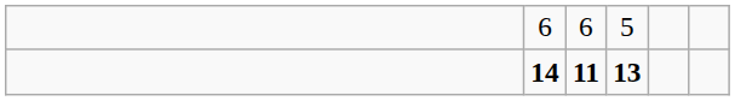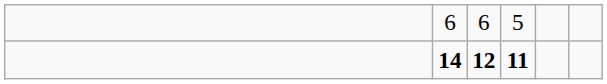 <table class="wikitable">
 <tr>
 <td style="width:18em"></td>
 <td align=center style="width:1em">6</td>
 <td align=center style="width:1em">6</td>
 <td align=center style="width:1em">5</td>
 <td align=center style="width:1em"></td>
 <td align=center style="width:1em"></td>
 </tr>
 <tr>
 <td style="width:18em"><strong></strong></td>
 <td align=center style="width:1em"><strong>14</strong></td>
+<td align=center style="width:1em"><strong>12</strong></td>
 <td align=center style="width:1em"><strong>11</strong></td>
-<td align=center style="width:1em"><strong>13</strong></td>
 <td align=center style="width:1em"></td>
 <td align=center style="width:1em"></td>
 </tr>
 </table>
